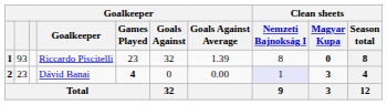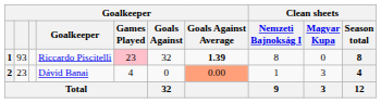 <table class="wikitable sortable sticky-header-multi" style="text-align:center; font-size:85%;">
 <tr>
 <th colspan="7">Goalkeeper</th>
 <th colspan="5">Clean sheets</th>
 </tr>
 <tr>
 <th></th>
 <th></th>
 <th></th>
 <th>Goalkeeper</th>
 <th>Games<br>Played</th>
 <th>Goals<br>Against</th>
 <th>Goals Against<br>Average</th>
 <th><a href='#'>Nemzeti<br>Bajnokság I</a></th>
 <th><a href='#'>Magyar<br>Kupa</a></th>
 <th>Season<br>total</th>
 </tr>
 <tr>
 <th rowspan="1">1</th>
 <td>93</td>
 <td> </td>
 <td style="text-align:left;" data-sort-value="Piscitelli"><a href='#'>Riccardo Piscitelli</a></td>
-<td>23</td>
+<td style="background: pink;">23</td>
 <td>32</td>
-<td>1.39</td>
+<td><strong>1.39</strong></td>
 <td>8</td>
-<td><strong>0</strong></td>
+<td>0</td>
 <th>8</th>
 </tr>
 <tr>
 <th rowspan="1">2</th>
 <td>23</td>
 <td> </td>
 <td style="text-align:left;" data-sort-value="Banai"><a href='#'>Dávid Banai</a></td>
-<td><strong>4</strong></td>
+<td>4</td>
 <td>0</td>
-<td>0.00</td>
-<td style="background: lavender;">1</td>
-<td><strong>3</strong></td>
+<td style="background: lightsalmon;">0.00</td>
+<td>1</td>
+<td>3</td>
 <th>4</th>
 </tr>
 <tr>
 <th colspan="5">Total</th>
 <th>32</th>
 <th></th>
 <th>9</th>
 <th>3</th>
 <th>12</th>
 </tr>
 </table>
